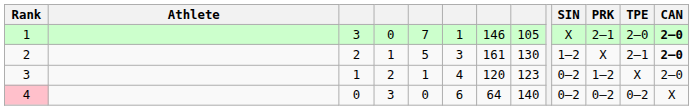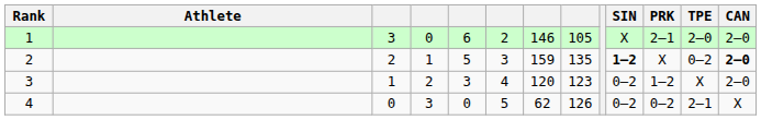 <table class="wikitable" style="text-align:center">
 <tr>
 <th width=40>Rank</th>
 <th width=300>Athlete</th>
 <th width=30></th>
 <th width=30></th>
 <th width=30></th>
 <th width=30></th>
 <th width=30></th>
 <th width=30></th>
 <th rowspan=5></th>
 <th width=30>SIN</th>
 <th width=30>PRK</th>
 <th width=30>TPE</th>
 <th width=30>CAN</th>
 </tr>
 <tr style="background-color:#ccffcc;">
 <td>1</td>
 <td align=left></td>
 <td>3</td>
 <td>0</td>
-<td>7</td>
-<td>1</td>
+<td>6</td>
+<td>2</td>
 <td>146</td>
 <td>105</td>
 <td>X</td>
 <td>2–1</td>
 <td>2–0</td>
-<td><strong>2–0</strong></td>
+<td>2–0</td>
 </tr>
 <tr>
 <td>2</td>
 <td align=left></td>
 <td>2</td>
 <td>1</td>
 <td>5</td>
 <td>3</td>
-<td>161</td>
-<td>130</td>
-<td>1–2</td>
+<td>159</td>
+<td>135</td>
+<td><strong>1–2</strong></td>
 <td>X</td>
-<td>2–1</td>
+<td>0–2</td>
 <td><strong>2–0</strong></td>
 </tr>
 <tr>
 <td>3</td>
 <td align=left></td>
 <td>1</td>
 <td>2</td>
-<td>1</td>
+<td>3</td>
 <td>4</td>
 <td>120</td>
 <td>123</td>
 <td>0–2</td>
 <td>1–2</td>
 <td>X</td>
 <td>2–0</td>
 </tr>
 <tr>
-<td style="background: pink;">4</td>
+<td>4</td>
 <td align=left></td>
 <td>0</td>
 <td>3</td>
 <td>0</td>
-<td>6</td>
-<td>64</td>
-<td>140</td>
+<td>5</td>
+<td>62</td>
+<td>126</td>
 <td>0–2</td>
 <td>0–2</td>
-<td>0–2</td>
+<td>2–1</td>
 <td>X</td>
 </tr>
 </table>
